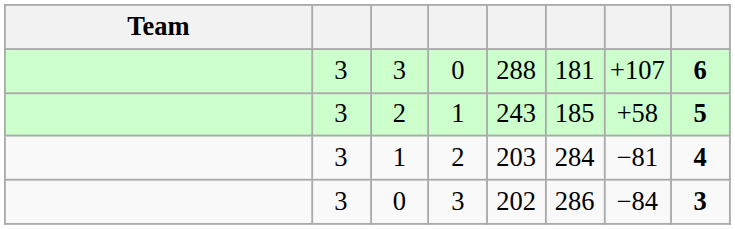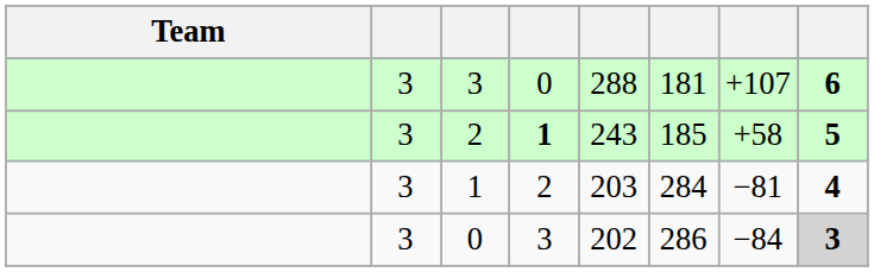 <table class="wikitable" style="text-align: center; font-size:90% ">
 <tr>
 <th width=160>Team</th>
 <th width=25></th>
 <th width=25></th>
 <th width=25></th>
 <th width=25></th>
 <th width=25></th>
 <th width=25></th>
 <th width=25></th>
 </tr>
 <tr bgcolor=ccffcc>
 <td align=left></td>
 <td>3</td>
 <td>3</td>
 <td>0</td>
 <td>288</td>
 <td>181</td>
 <td>+107</td>
 <td><strong>6</strong></td>
 </tr>
 <tr bgcolor=ccffcc>
 <td align=left></td>
 <td>3</td>
 <td>2</td>
-<td>1</td>
+<td><strong>1</strong></td>
 <td>243</td>
 <td>185</td>
 <td>+58</td>
 <td><strong>5</strong></td>
 </tr>
 <tr>
 <td align=left></td>
 <td>3</td>
 <td>1</td>
 <td>2</td>
 <td>203</td>
 <td>284</td>
 <td>−81</td>
 <td><strong>4</strong></td>
 </tr>
 <tr>
 <td align=left></td>
 <td>3</td>
 <td>0</td>
 <td>3</td>
 <td>202</td>
 <td>286</td>
 <td>−84</td>
-<td><strong>3</strong></td>
+<td style="background: lightgrey;"><strong>3</strong></td>
 </tr>
 </table>
